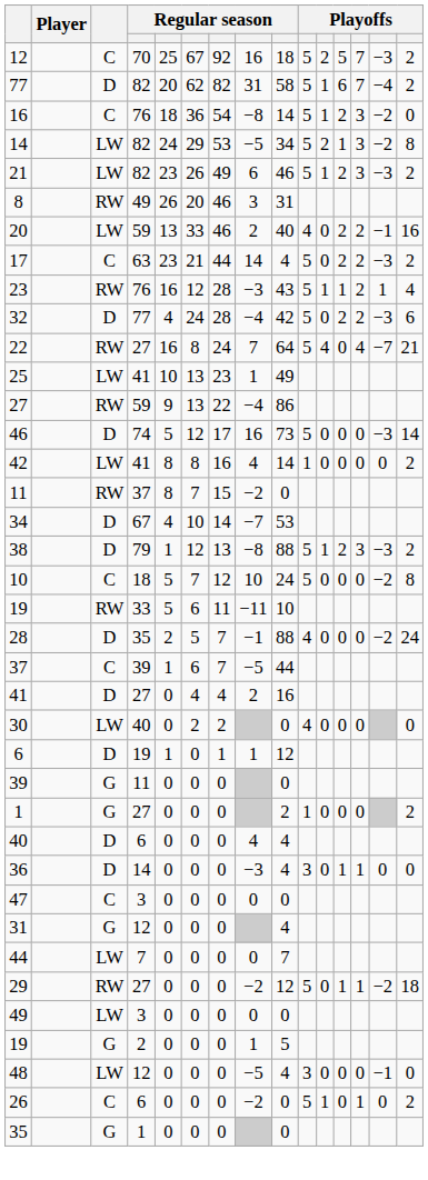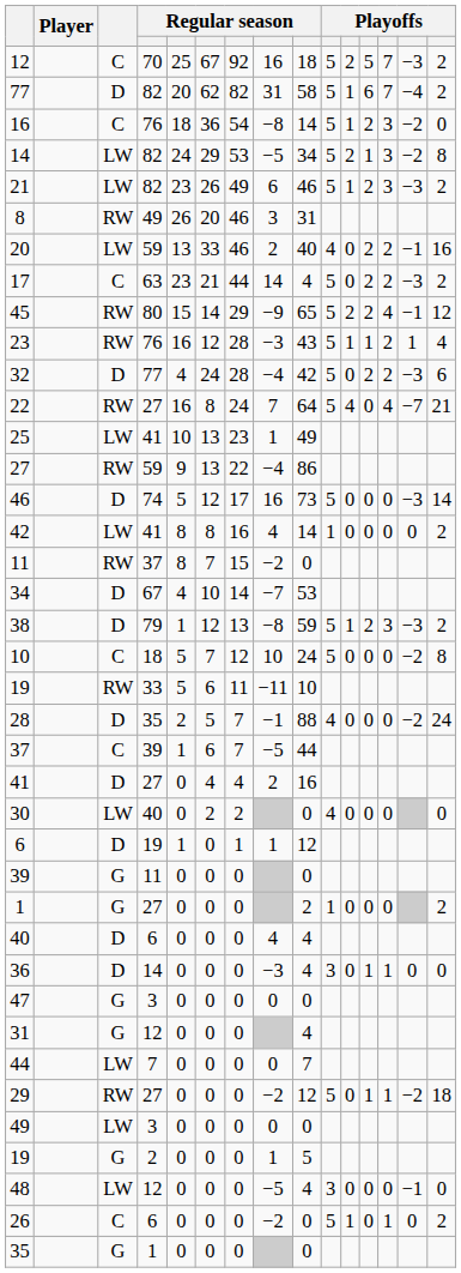 <table class="wikitable sortable plainrowheaders" style="text-align:center;">
 <tr>
 <th scope="col" data-sort-type="number" rowspan="2"></th>
 <th scope="col" rowspan="2">Player</th>
 <th scope="col" rowspan="2"></th>
 <th scope=colgroup colspan=6>Regular season</th>
 <th scope=colgroup colspan=6>Playoffs</th>
 </tr>
 <tr>
 <th scope="col" data-sort-type="number"></th>
 <th scope="col" data-sort-type="number"></th>
 <th scope="col" data-sort-type="number"></th>
 <th scope="col" data-sort-type="number"></th>
 <th scope="col" data-sort-type="number"></th>
 <th scope="col" data-sort-type="number"></th>
 <th scope="col" data-sort-type="number"></th>
 <th scope="col" data-sort-type="number"></th>
 <th scope="col" data-sort-type="number"></th>
 <th scope="col" data-sort-type="number"></th>
 <th scope="col" data-sort-type="number"></th>
 <th scope="col" data-sort-type="number"></th>
 </tr>
 <tr>
 <td scope="row">12</td>
 <td align="left"></td>
 <td>C</td>
 <td>70</td>
 <td>25</td>
 <td>67</td>
 <td>92</td>
 <td>16</td>
 <td>18</td>
 <td>5</td>
 <td>2</td>
 <td>5</td>
 <td>7</td>
 <td>−3</td>
 <td>2</td>
 </tr>
 <tr>
 <td scope="row">77</td>
 <td align="left"></td>
 <td>D</td>
 <td>82</td>
 <td>20</td>
 <td>62</td>
 <td>82</td>
 <td>31</td>
 <td>58</td>
 <td>5</td>
 <td>1</td>
 <td>6</td>
 <td>7</td>
 <td>−4</td>
 <td>2</td>
 </tr>
 <tr>
 <td scope="row">16</td>
 <td align="left"></td>
 <td>C</td>
 <td>76</td>
 <td>18</td>
 <td>36</td>
 <td>54</td>
 <td>−8</td>
 <td>14</td>
 <td>5</td>
 <td>1</td>
 <td>2</td>
 <td>3</td>
 <td>−2</td>
 <td>0</td>
 </tr>
 <tr>
 <td scope="row">14</td>
 <td align="left"></td>
 <td>LW</td>
 <td>82</td>
 <td>24</td>
 <td>29</td>
 <td>53</td>
 <td>−5</td>
 <td>34</td>
 <td>5</td>
 <td>2</td>
 <td>1</td>
 <td>3</td>
 <td>−2</td>
 <td>8</td>
 </tr>
 <tr>
 <td scope="row">21</td>
 <td align="left"></td>
 <td>LW</td>
 <td>82</td>
 <td>23</td>
 <td>26</td>
 <td>49</td>
 <td>6</td>
 <td>46</td>
 <td>5</td>
 <td>1</td>
 <td>2</td>
 <td>3</td>
 <td>−3</td>
 <td>2</td>
 </tr>
 <tr>
 <td scope="row">8</td>
 <td align="left"></td>
 <td>RW</td>
 <td>49</td>
 <td>26</td>
 <td>20</td>
 <td>46</td>
 <td>3</td>
 <td>31</td>
 <td></td>
 <td></td>
 <td></td>
 <td></td>
 <td></td>
 <td></td>
 </tr>
 <tr>
 <td scope="row">20</td>
 <td align="left"></td>
 <td>LW</td>
 <td>59</td>
 <td>13</td>
 <td>33</td>
 <td>46</td>
 <td>2</td>
 <td>40</td>
 <td>4</td>
 <td>0</td>
 <td>2</td>
 <td>2</td>
 <td>−1</td>
 <td>16</td>
 </tr>
 <tr>
 <td scope="row">17</td>
 <td align="left"></td>
 <td>C</td>
 <td>63</td>
 <td>23</td>
 <td>21</td>
 <td>44</td>
 <td>14</td>
 <td>4</td>
 <td>5</td>
 <td>0</td>
 <td>2</td>
 <td>2</td>
 <td>−3</td>
 <td>2</td>
+</tr>
+<tr>
+<td scope="row">45</td>
+<td align="left"></td>
+<td>RW</td>
+<td>80</td>
+<td>15</td>
+<td>14</td>
+<td>29</td>
+<td>−9</td>
+<td>65</td>
+<td>5</td>
+<td>2</td>
+<td>2</td>
+<td>4</td>
+<td>−1</td>
+<td>12</td>
 </tr>
 <tr>
 <td scope="row">23</td>
 <td align="left"></td>
 <td>RW</td>
 <td>76</td>
 <td>16</td>
 <td>12</td>
 <td>28</td>
 <td>−3</td>
 <td>43</td>
 <td>5</td>
 <td>1</td>
 <td>1</td>
 <td>2</td>
 <td>1</td>
 <td>4</td>
 </tr>
 <tr>
 <td scope="row">32</td>
 <td align="left"></td>
 <td>D</td>
 <td>77</td>
 <td>4</td>
 <td>24</td>
 <td>28</td>
 <td>−4</td>
 <td>42</td>
 <td>5</td>
 <td>0</td>
 <td>2</td>
 <td>2</td>
 <td>−3</td>
 <td>6</td>
 </tr>
 <tr>
 <td scope="row">22</td>
 <td align="left"></td>
 <td>RW</td>
 <td>27</td>
 <td>16</td>
 <td>8</td>
 <td>24</td>
 <td>7</td>
 <td>64</td>
 <td>5</td>
 <td>4</td>
 <td>0</td>
 <td>4</td>
 <td>−7</td>
 <td>21</td>
 </tr>
 <tr>
 <td scope="row">25</td>
 <td align="left"></td>
 <td>LW</td>
 <td>41</td>
 <td>10</td>
 <td>13</td>
 <td>23</td>
 <td>1</td>
 <td>49</td>
 <td></td>
 <td></td>
 <td></td>
 <td></td>
 <td></td>
 <td></td>
 </tr>
 <tr>
 <td scope="row">27</td>
 <td align="left"></td>
 <td>RW</td>
 <td>59</td>
 <td>9</td>
 <td>13</td>
 <td>22</td>
 <td>−4</td>
 <td>86</td>
 <td></td>
 <td></td>
 <td></td>
 <td></td>
 <td></td>
 <td></td>
 </tr>
 <tr>
 <td scope="row">46</td>
 <td align="left"></td>
 <td>D</td>
 <td>74</td>
 <td>5</td>
 <td>12</td>
 <td>17</td>
 <td>16</td>
 <td>73</td>
 <td>5</td>
 <td>0</td>
 <td>0</td>
 <td>0</td>
 <td>−3</td>
 <td>14</td>
 </tr>
 <tr>
 <td scope="row">42</td>
 <td align="left"></td>
 <td>LW</td>
 <td>41</td>
 <td>8</td>
 <td>8</td>
 <td>16</td>
 <td>4</td>
 <td>14</td>
 <td>1</td>
 <td>0</td>
 <td>0</td>
 <td>0</td>
 <td>0</td>
 <td>2</td>
 </tr>
 <tr>
 <td scope="row">11</td>
 <td align="left"></td>
 <td>RW</td>
 <td>37</td>
 <td>8</td>
 <td>7</td>
 <td>15</td>
 <td>−2</td>
 <td>0</td>
 <td></td>
 <td></td>
 <td></td>
 <td></td>
 <td></td>
 <td></td>
 </tr>
 <tr>
 <td scope="row">34</td>
 <td align="left"></td>
 <td>D</td>
 <td>67</td>
 <td>4</td>
 <td>10</td>
 <td>14</td>
 <td>−7</td>
 <td>53</td>
 <td></td>
 <td></td>
 <td></td>
 <td></td>
 <td></td>
 <td></td>
 </tr>
 <tr>
 <td scope="row">38</td>
 <td align="left"></td>
 <td>D</td>
 <td>79</td>
 <td>1</td>
 <td>12</td>
 <td>13</td>
 <td>−8</td>
-<td>88</td>
+<td>59</td>
 <td>5</td>
 <td>1</td>
 <td>2</td>
 <td>3</td>
 <td>−3</td>
 <td>2</td>
 </tr>
 <tr>
 <td scope="row">10</td>
 <td align="left"></td>
 <td>C</td>
 <td>18</td>
 <td>5</td>
 <td>7</td>
 <td>12</td>
 <td>10</td>
 <td>24</td>
 <td>5</td>
 <td>0</td>
 <td>0</td>
 <td>0</td>
 <td>−2</td>
 <td>8</td>
 </tr>
 <tr>
 <td scope="row">19</td>
 <td align="left"></td>
 <td>RW</td>
 <td>33</td>
 <td>5</td>
 <td>6</td>
 <td>11</td>
 <td>−11</td>
 <td>10</td>
 <td></td>
 <td></td>
 <td></td>
 <td></td>
 <td></td>
 <td></td>
 </tr>
 <tr>
 <td scope="row">28</td>
 <td align="left"></td>
 <td>D</td>
 <td>35</td>
 <td>2</td>
 <td>5</td>
 <td>7</td>
 <td>−1</td>
 <td>88</td>
 <td>4</td>
 <td>0</td>
 <td>0</td>
 <td>0</td>
 <td>−2</td>
 <td>24</td>
 </tr>
 <tr>
 <td scope="row">37</td>
 <td align="left"></td>
 <td>C</td>
 <td>39</td>
 <td>1</td>
 <td>6</td>
 <td>7</td>
 <td>−5</td>
 <td>44</td>
 <td></td>
 <td></td>
 <td></td>
 <td></td>
 <td></td>
 <td></td>
 </tr>
 <tr>
 <td scope="row">41</td>
 <td align="left"></td>
 <td>D</td>
 <td>27</td>
 <td>0</td>
 <td>4</td>
 <td>4</td>
 <td>2</td>
 <td>16</td>
 <td></td>
 <td></td>
 <td></td>
 <td></td>
 <td></td>
 <td></td>
 </tr>
 <tr>
 <td scope="row">30</td>
 <td align="left"></td>
 <td>LW</td>
 <td>40</td>
 <td>0</td>
 <td>2</td>
 <td>2</td>
 <td style="background:#ccc"></td>
 <td>0</td>
 <td>4</td>
 <td>0</td>
 <td>0</td>
 <td>0</td>
 <td style="background:#ccc"></td>
 <td>0</td>
 </tr>
 <tr>
 <td scope="row">6</td>
 <td align="left"></td>
 <td>D</td>
 <td>19</td>
 <td>1</td>
 <td>0</td>
 <td>1</td>
 <td>1</td>
 <td>12</td>
 <td></td>
 <td></td>
 <td></td>
 <td></td>
 <td></td>
 <td></td>
 </tr>
 <tr>
 <td scope="row">39</td>
 <td align="left"></td>
 <td>G</td>
 <td>11</td>
 <td>0</td>
 <td>0</td>
 <td>0</td>
 <td style="background:#ccc"></td>
 <td>0</td>
 <td></td>
 <td></td>
 <td></td>
 <td></td>
 <td></td>
 <td></td>
 </tr>
 <tr>
 <td scope="row">1</td>
 <td align="left"></td>
 <td>G</td>
 <td>27</td>
 <td>0</td>
 <td>0</td>
 <td>0</td>
 <td style="background:#ccc"></td>
 <td>2</td>
 <td>1</td>
 <td>0</td>
 <td>0</td>
 <td>0</td>
 <td style="background:#ccc"></td>
 <td>2</td>
 </tr>
 <tr>
 <td scope="row">40</td>
 <td align="left"></td>
 <td>D</td>
 <td>6</td>
 <td>0</td>
 <td>0</td>
 <td>0</td>
 <td>4</td>
 <td>4</td>
 <td></td>
 <td></td>
 <td></td>
 <td></td>
 <td></td>
 <td></td>
 </tr>
 <tr>
 <td scope="row">36</td>
 <td align="left"></td>
 <td>D</td>
 <td>14</td>
 <td>0</td>
 <td>0</td>
 <td>0</td>
 <td>−3</td>
 <td>4</td>
 <td>3</td>
 <td>0</td>
 <td>1</td>
 <td>1</td>
 <td>0</td>
 <td>0</td>
 </tr>
 <tr>
 <td scope="row">47</td>
 <td align="left"></td>
-<td>C</td>
+<td>G</td>
 <td>3</td>
 <td>0</td>
 <td>0</td>
 <td>0</td>
 <td>0</td>
 <td>0</td>
 <td></td>
 <td></td>
 <td></td>
 <td></td>
 <td></td>
 <td></td>
 </tr>
 <tr>
 <td scope="row">31</td>
 <td align="left"></td>
 <td>G</td>
 <td>12</td>
 <td>0</td>
 <td>0</td>
 <td>0</td>
 <td style="background:#ccc"></td>
 <td>4</td>
 <td></td>
 <td></td>
 <td></td>
 <td></td>
 <td></td>
 <td></td>
 </tr>
 <tr>
 <td scope="row">44</td>
 <td align="left"></td>
 <td>LW</td>
 <td>7</td>
 <td>0</td>
 <td>0</td>
 <td>0</td>
 <td>0</td>
 <td>7</td>
 <td></td>
 <td></td>
 <td></td>
 <td></td>
 <td></td>
 <td></td>
 </tr>
 <tr>
 <td scope="row">29</td>
 <td align="left"></td>
 <td>RW</td>
 <td>27</td>
 <td>0</td>
 <td>0</td>
 <td>0</td>
 <td>−2</td>
 <td>12</td>
 <td>5</td>
 <td>0</td>
 <td>1</td>
 <td>1</td>
 <td>−2</td>
 <td>18</td>
 </tr>
 <tr>
 <td scope="row">49</td>
 <td align="left"></td>
 <td>LW</td>
 <td>3</td>
 <td>0</td>
 <td>0</td>
 <td>0</td>
 <td>0</td>
 <td>0</td>
 <td></td>
 <td></td>
 <td></td>
 <td></td>
 <td></td>
 <td></td>
 </tr>
 <tr>
 <td scope="row">19</td>
 <td align="left"></td>
 <td>G</td>
 <td>2</td>
 <td>0</td>
 <td>0</td>
 <td>0</td>
 <td>1</td>
 <td>5</td>
 <td></td>
 <td></td>
 <td></td>
 <td></td>
 <td></td>
 <td></td>
 </tr>
 <tr>
 <td scope="row">48</td>
 <td align="left"></td>
 <td>LW</td>
 <td>12</td>
 <td>0</td>
 <td>0</td>
 <td>0</td>
 <td>−5</td>
 <td>4</td>
 <td>3</td>
 <td>0</td>
 <td>0</td>
 <td>0</td>
 <td>−1</td>
 <td>0</td>
 </tr>
 <tr>
 <td scope="row">26</td>
 <td align="left"></td>
 <td>C</td>
 <td>6</td>
 <td>0</td>
 <td>0</td>
 <td>0</td>
 <td>−2</td>
 <td>0</td>
 <td>5</td>
 <td>1</td>
 <td>0</td>
 <td>1</td>
 <td>0</td>
 <td>2</td>
 </tr>
 <tr>
 <td scope="row">35</td>
 <td align="left"></td>
 <td>G</td>
 <td>1</td>
 <td>0</td>
 <td>0</td>
 <td>0</td>
 <td style="background:#ccc"></td>
 <td>0</td>
 <td></td>
 <td></td>
 <td></td>
 <td></td>
 <td></td>
 <td></td>
 </tr>
 </table>
